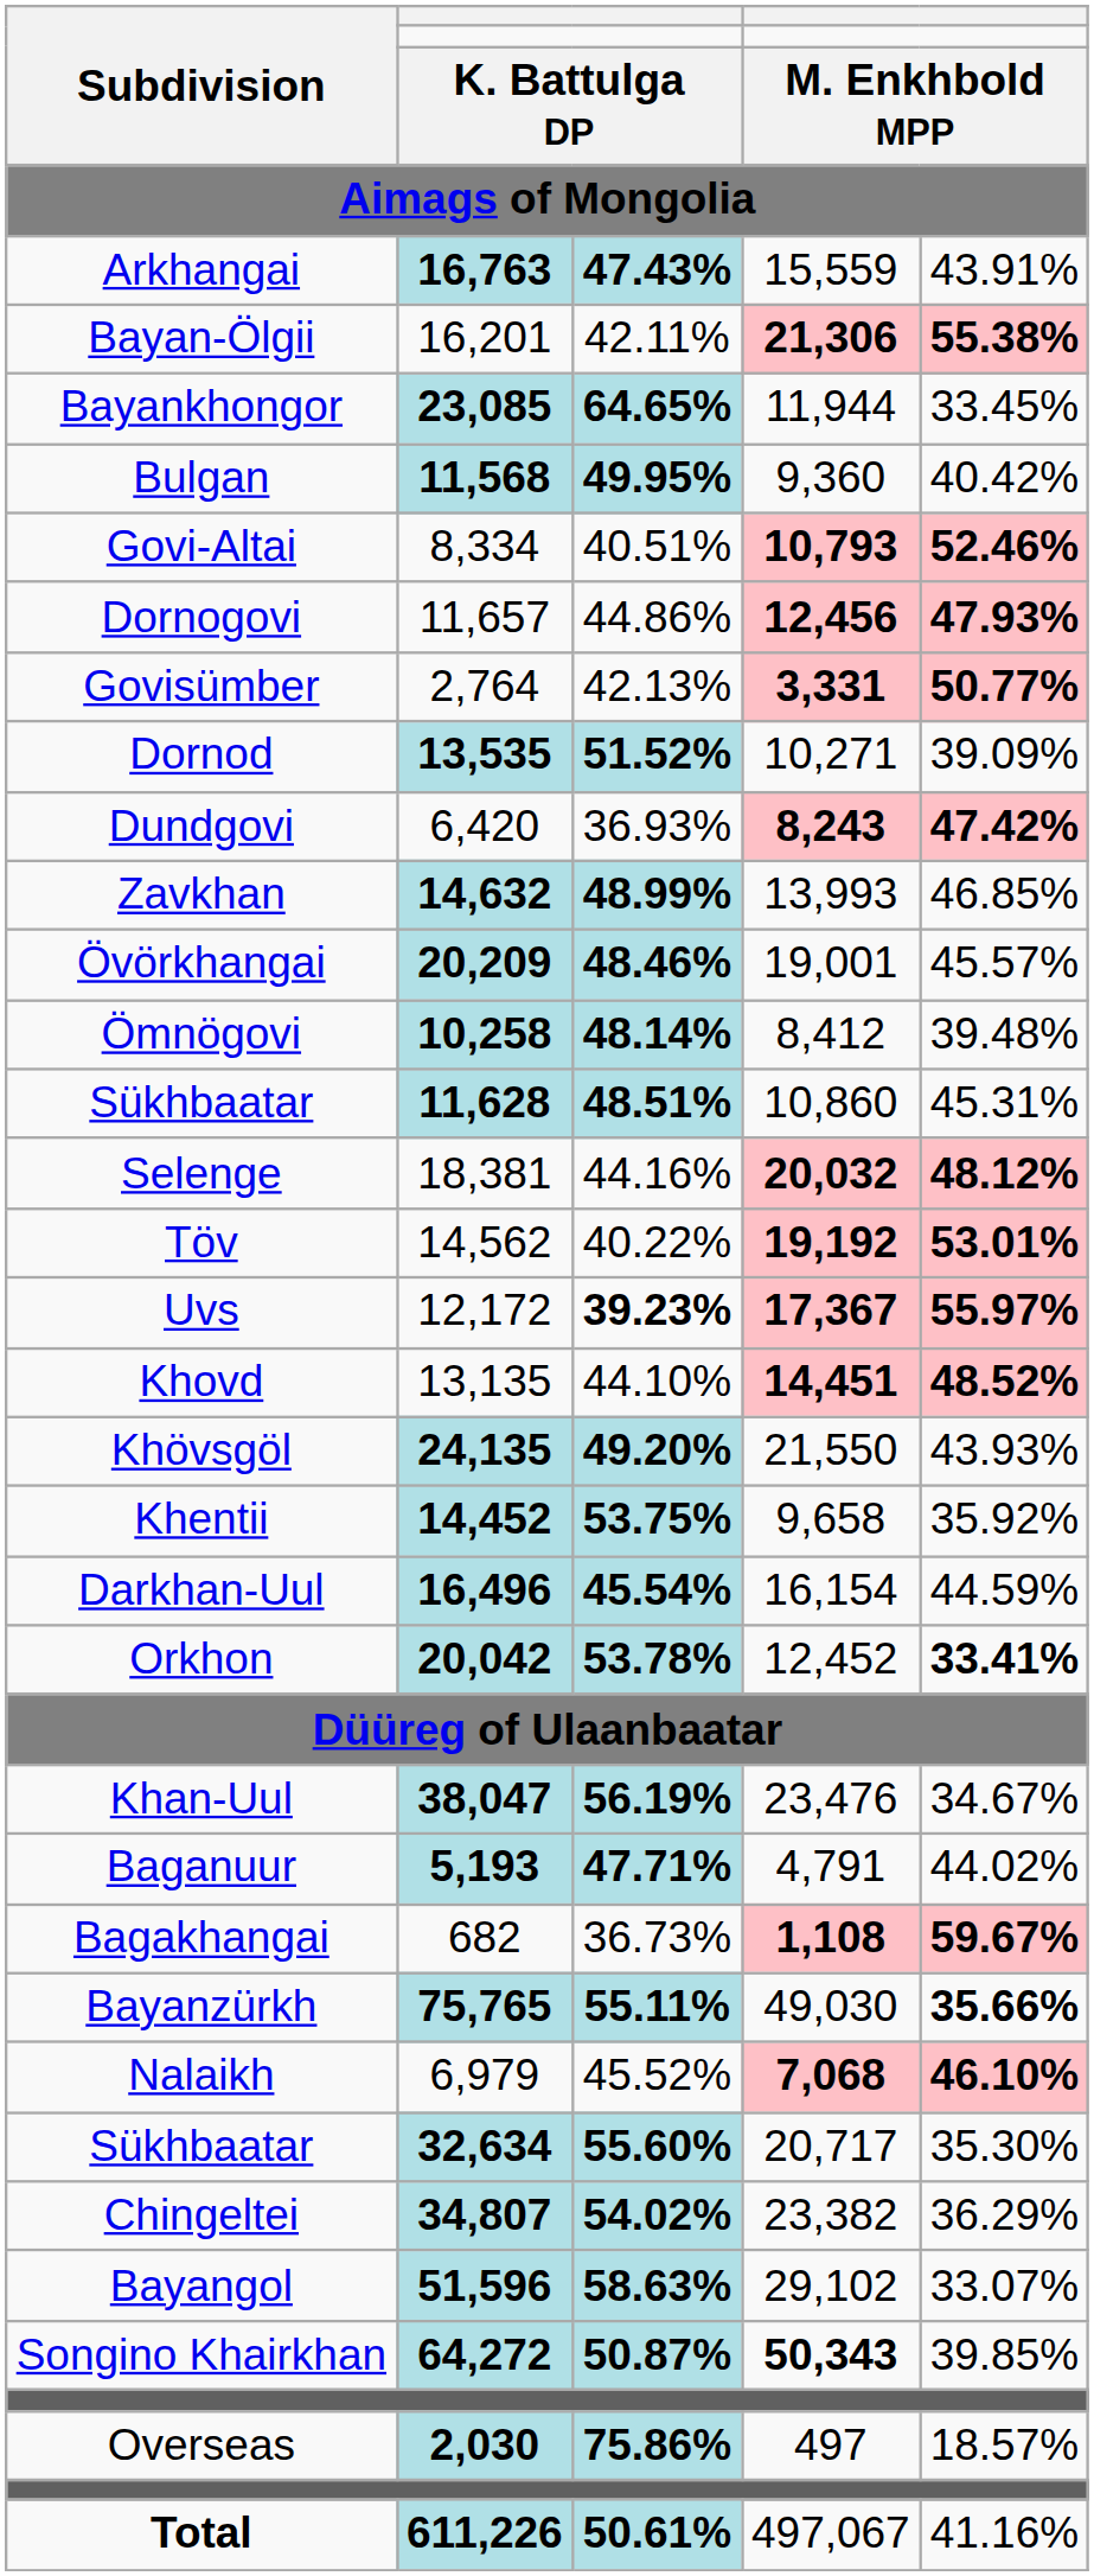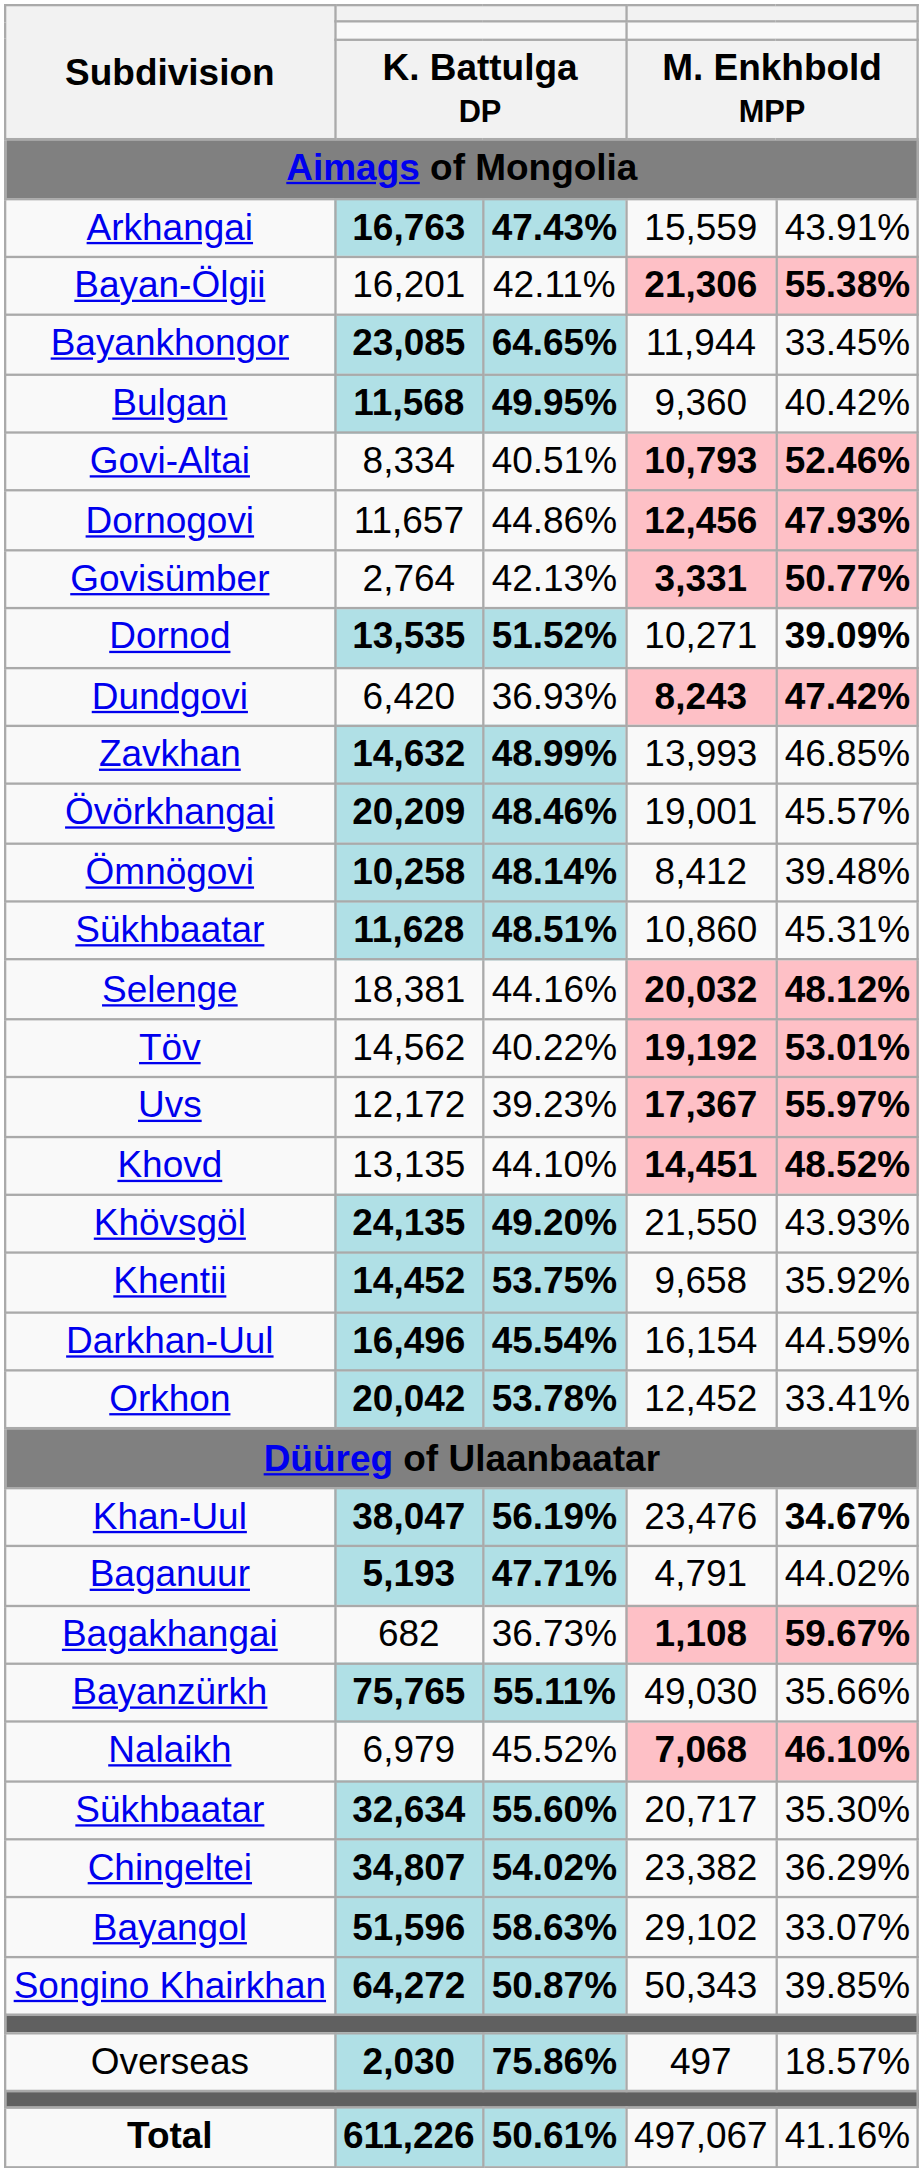 <table class=wikitable style=text-align:center>
 <tr>
 <th rowspan=3>Subdivision</th>
 <th colspan="2"></th>
 <th colspan="2"></th>
 </tr>
 <tr>
 <td colspan="2" bgcolor=></td>
 <td colspan="2" bgcolor=></td>
 </tr>
 <tr>
 <th colspan="2">K. Battulga<br><small>DP</small></th>
 <th colspan="2">M. Enkhbold<br><small>MPP</small></th>
 </tr>
 <tr>
 <td colspan="6" align="center" bgcolor="grey"><strong><a href='#'>Aimags</a> of Mongolia</strong></td>
 </tr>
 <tr>
 <td><a href='#'>Arkhangai</a></td>
 <td style="background:#b0e0e6;"><strong>16,763</strong></td>
 <td style="background:#b0e0e6;"><strong>47.43%</strong></td>
 <td>15,559</td>
 <td>43.91%</td>
 </tr>
 <tr>
 <td><a href='#'>Bayan-Ölgii</a></td>
 <td>16,201</td>
 <td>42.11%</td>
 <td style="background:#fec0c6;"><strong>21,306</strong></td>
 <td style="background:#fec0c6;"><strong>55.38%</strong></td>
 </tr>
 <tr>
 <td><a href='#'>Bayankhongor</a></td>
 <td style="background:#b0e0e6;"><strong>23,085</strong></td>
 <td style="background:#b0e0e6;"><strong>64.65%</strong></td>
 <td>11,944</td>
 <td>33.45%</td>
 </tr>
 <tr>
 <td><a href='#'>Bulgan</a></td>
 <td style="background:#b0e0e6;"><strong>11,568</strong></td>
 <td style="background:#b0e0e6;"><strong>49.95%</strong></td>
 <td>9,360</td>
 <td>40.42%</td>
 </tr>
 <tr>
 <td><a href='#'>Govi-Altai</a></td>
 <td>8,334</td>
 <td>40.51%</td>
 <td style="background:#fec0c6;"><strong>10,793</strong></td>
 <td style="background:#fec0c6;"><strong>52.46%</strong></td>
 </tr>
 <tr>
 <td><a href='#'>Dornogovi</a></td>
 <td>11,657</td>
 <td>44.86%</td>
 <td style="background:#fec0c6;"><strong>12,456</strong></td>
 <td style="background:#fec0c6;"><strong>47.93%</strong></td>
 </tr>
 <tr>
 <td><a href='#'>Govisümber</a></td>
 <td>2,764</td>
 <td>42.13%</td>
 <td style="background:#fec0c6;"><strong>3,331</strong></td>
 <td style="background:#fec0c6;"><strong>50.77%</strong></td>
 </tr>
 <tr>
 <td><a href='#'>Dornod</a></td>
 <td style="background:#b0e0e6;"><strong>13,535</strong></td>
 <td style="background:#b0e0e6;"><strong>51.52%</strong></td>
 <td>10,271</td>
-<td>39.09%</td>
+<td><strong>39.09%</strong></td>
 </tr>
 <tr>
 <td><a href='#'>Dundgovi</a></td>
 <td>6,420</td>
 <td>36.93%</td>
 <td style="background:#fec0c6;"><strong>8,243</strong></td>
 <td style="background:#fec0c6;"><strong>47.42%</strong></td>
 </tr>
 <tr>
 <td><a href='#'>Zavkhan</a></td>
 <td style="background:#b0e0e6;"><strong>14,632</strong></td>
 <td style="background:#b0e0e6;"><strong>48.99%</strong></td>
 <td>13,993</td>
 <td>46.85%</td>
 </tr>
 <tr>
 <td><a href='#'>Övörkhangai</a></td>
 <td style="background:#b0e0e6;"><strong>20,209</strong></td>
 <td style="background:#b0e0e6;"><strong>48.46%</strong></td>
 <td>19,001</td>
 <td>45.57%</td>
 </tr>
 <tr>
 <td><a href='#'>Ömnögovi</a></td>
 <td style="background:#b0e0e6;"><strong>10,258</strong></td>
 <td style="background:#b0e0e6;"><strong>48.14%</strong></td>
 <td>8,412</td>
 <td>39.48%</td>
 </tr>
 <tr>
 <td><a href='#'>Sükhbaatar</a></td>
 <td style="background:#b0e0e6;"><strong>11,628</strong></td>
 <td style="background:#b0e0e6;"><strong>48.51%</strong></td>
 <td>10,860</td>
 <td>45.31%</td>
 </tr>
 <tr>
 <td><a href='#'>Selenge</a></td>
 <td>18,381</td>
 <td>44.16%</td>
 <td style="background:#fec0c6;"><strong>20,032</strong></td>
 <td style="background:#fec0c6;"><strong>48.12%</strong></td>
 </tr>
 <tr>
 <td><a href='#'>Töv</a></td>
 <td>14,562</td>
 <td>40.22%</td>
 <td style="background:#fec0c6;"><strong>19,192</strong></td>
 <td style="background:#fec0c6;"><strong>53.01%</strong></td>
 </tr>
 <tr>
 <td><a href='#'>Uvs</a></td>
 <td>12,172</td>
-<td><strong>39.23%</strong></td>
+<td>39.23%</td>
 <td style="background:#fec0c6;"><strong>17,367</strong></td>
 <td style="background:#fec0c6;"><strong>55.97%</strong></td>
 </tr>
 <tr>
 <td><a href='#'>Khovd</a></td>
 <td>13,135</td>
 <td>44.10%</td>
 <td style="background:#fec0c6;"><strong>14,451</strong></td>
 <td style="background:#fec0c6;"><strong>48.52%</strong></td>
 </tr>
 <tr>
 <td><a href='#'>Khövsgöl</a></td>
 <td style="background:#b0e0e6;"><strong>24,135</strong></td>
 <td style="background:#b0e0e6;"><strong>49.20%</strong></td>
 <td>21,550</td>
 <td>43.93%</td>
 </tr>
 <tr>
 <td><a href='#'>Khentii</a></td>
 <td style="background:#b0e0e6;"><strong>14,452</strong></td>
 <td style="background:#b0e0e6;"><strong>53.75%</strong></td>
 <td>9,658</td>
 <td>35.92%</td>
 </tr>
 <tr>
 <td><a href='#'>Darkhan-Uul</a></td>
 <td style="background:#b0e0e6;"><strong>16,496</strong></td>
 <td style="background:#b0e0e6;"><strong>45.54%</strong></td>
 <td>16,154</td>
 <td>44.59%</td>
 </tr>
 <tr>
 <td><a href='#'>Orkhon</a></td>
 <td style="background:#b0e0e6;"><strong>20,042</strong></td>
 <td style="background:#b0e0e6;"><strong>53.78%</strong></td>
 <td>12,452</td>
-<td><strong>33.41%</strong></td>
+<td>33.41%</td>
 </tr>
 <tr>
 <td colspan="7" align="center" bgcolor="grey"><strong><a href='#'>Düüreg</a> of Ulaanbaatar</strong></td>
 </tr>
 <tr>
 <td><a href='#'>Khan-Uul</a></td>
 <td style="background:#b0e0e6;"><strong>38,047</strong></td>
 <td style="background:#b0e0e6;"><strong>56.19%</strong></td>
 <td>23,476</td>
-<td>34.67%</td>
+<td><strong>34.67%</strong></td>
 </tr>
 <tr>
 <td><a href='#'>Baganuur</a></td>
 <td style="background:#b0e0e6;"><strong>5,193</strong></td>
 <td style="background:#b0e0e6;"><strong>47.71%</strong></td>
 <td>4,791</td>
 <td>44.02%</td>
 </tr>
 <tr>
 <td><a href='#'>Bagakhangai</a></td>
 <td>682</td>
 <td>36.73%</td>
 <td style="background:#fec0c6;"><strong>1,108</strong></td>
 <td style="background:#fec0c6;"><strong>59.67%</strong></td>
 </tr>
 <tr>
 <td><a href='#'>Bayanzürkh</a></td>
 <td style="background:#b0e0e6;"><strong>75,765</strong></td>
 <td style="background:#b0e0e6;"><strong>55.11%</strong></td>
 <td>49,030</td>
-<td><strong>35.66%</strong></td>
+<td>35.66%</td>
 </tr>
 <tr>
 <td><a href='#'>Nalaikh</a></td>
 <td>6,979</td>
 <td>45.52%</td>
 <td style="background:#fec0c6;"><strong>7,068</strong></td>
 <td style="background:#fec0c6;"><strong>46.10%</strong></td>
 </tr>
 <tr>
 <td><a href='#'>Sükhbaatar</a></td>
 <td style="background:#b0e0e6;"><strong>32,634</strong></td>
 <td style="background:#b0e0e6;"><strong>55.60%</strong></td>
 <td>20,717</td>
 <td>35.30%</td>
 </tr>
 <tr>
 <td><a href='#'>Chingeltei</a></td>
 <td style="background:#b0e0e6;"><strong>34,807</strong></td>
 <td style="background:#b0e0e6;"><strong>54.02%</strong></td>
 <td>23,382</td>
 <td>36.29%</td>
 </tr>
 <tr>
 <td><a href='#'>Bayangol</a></td>
 <td style="background:#b0e0e6;"><strong>51,596</strong></td>
 <td style="background:#b0e0e6;"><strong>58.63%</strong></td>
 <td>29,102</td>
 <td>33.07%</td>
 </tr>
 <tr>
 <td><a href='#'>Songino Khairkhan</a></td>
 <td style="background:#b0e0e6;"><strong>64,272</strong></td>
 <td style="background:#b0e0e6;"><strong>50.87%</strong></td>
-<td><strong>50,343</strong></td>
+<td>50,343</td>
 <td>39.85%</td>
 </tr>
 <tr>
 </tr>
 <tr style = "background:#606060; height: 2pt">
 <td colspan="7"></td>
 </tr>
 <tr>
 <td>Overseas</td>
 <td style="background:#b0e0e6;"><strong>2,030</strong></td>
 <td style="background:#b0e0e6;"><strong>75.86%</strong></td>
 <td>497</td>
 <td>18.57%</td>
 </tr>
 <tr>
 </tr>
 <tr style = "background:#606060; height: 2pt">
 <td colspan="7"></td>
 </tr>
 <tr>
 <td><strong>Total</strong></td>
 <td style="background:#b0e0e6;"><strong>611,226</strong></td>
 <td style="background:#b0e0e6;"><strong>50.61%</strong></td>
 <td>497,067</td>
 <td>41.16%</td>
 </tr>
 </table>
